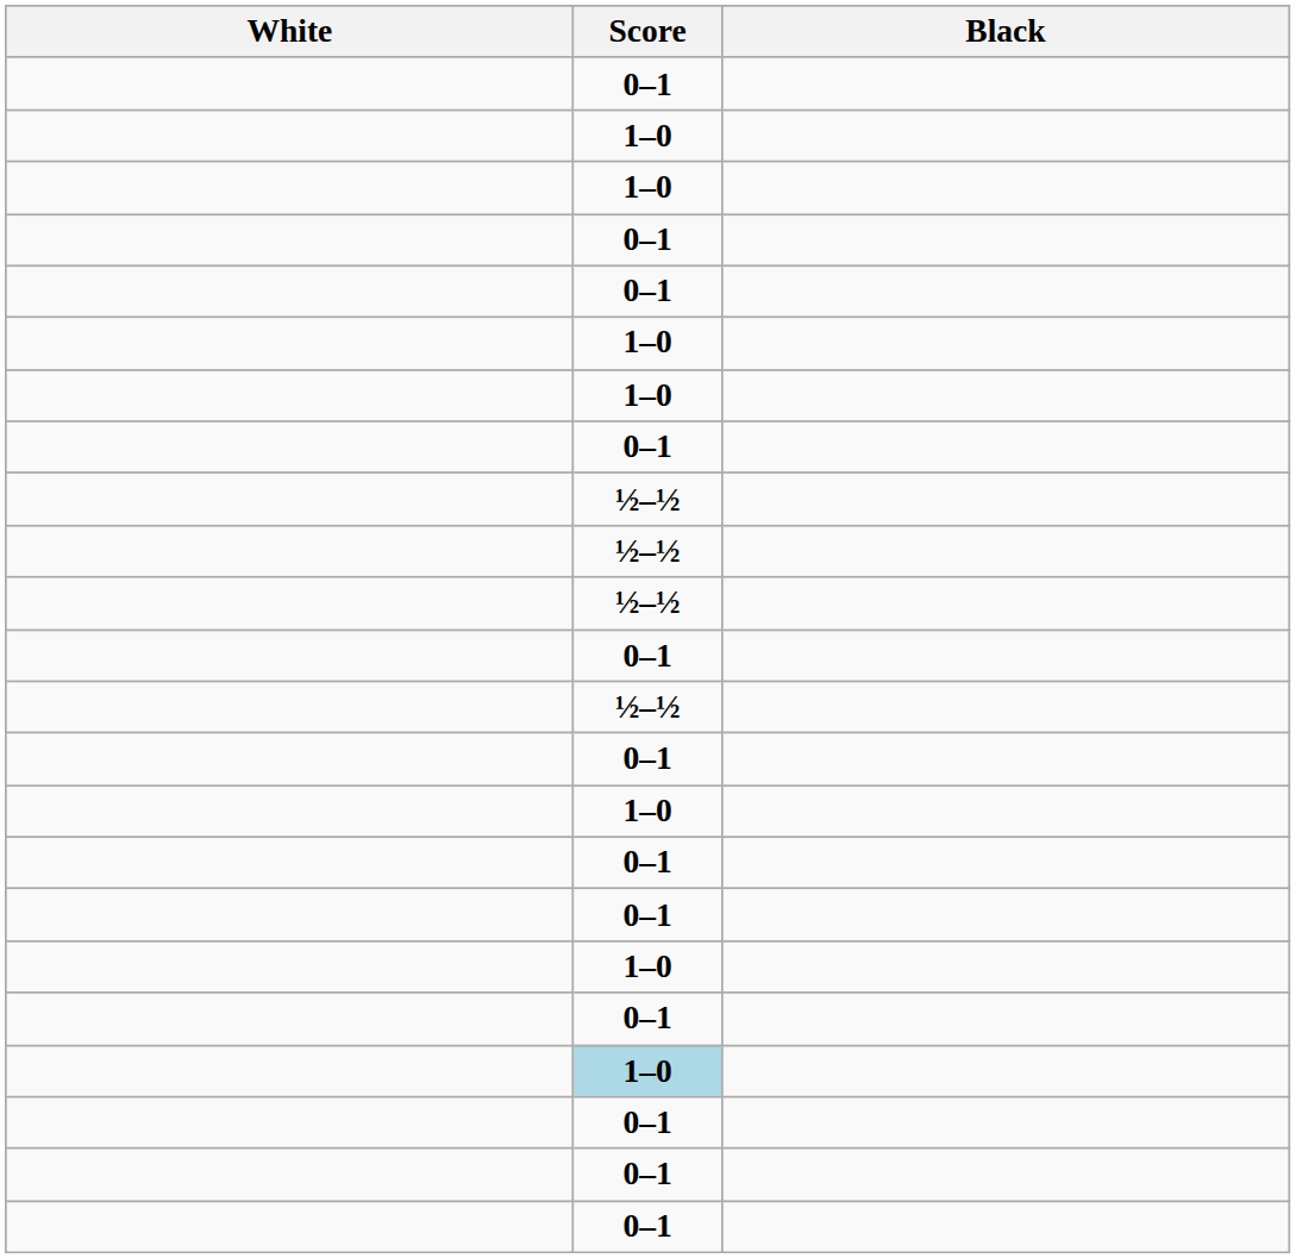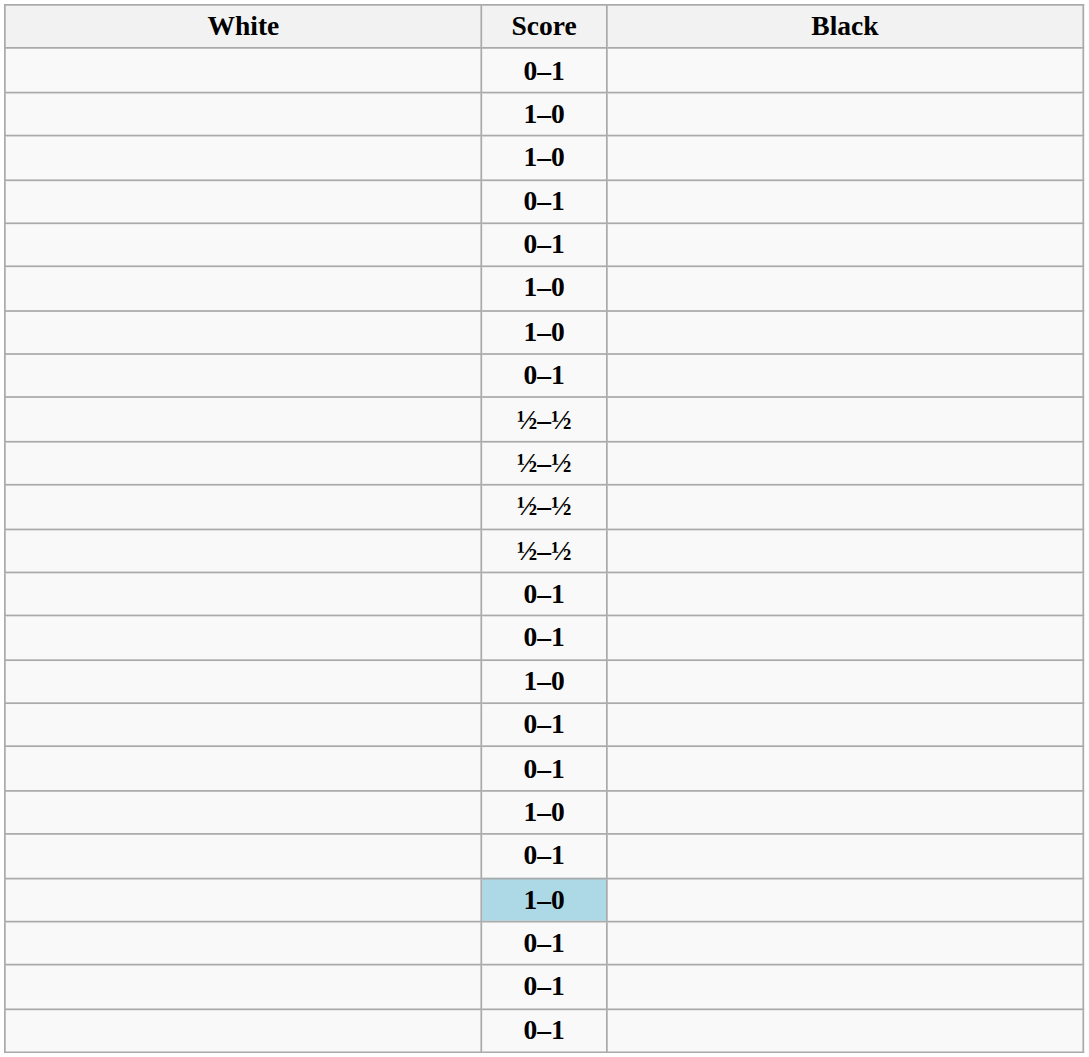 <table class="wikitable" style="text-align: center;">
 <tr>
 <th align="right" width="270">White</th>
 <th width="65">Score</th>
 <th align="left" width="270">Black</th>
 </tr>
 <tr>
 <td align=left></td>
 <td align=center><strong>0–1</strong></td>
 <td align=left><strong></strong></td>
 </tr>
 <tr>
 <td align=left><strong></strong></td>
 <td align=center><strong>1–0</strong></td>
 <td align=left></td>
 </tr>
 <tr>
 <td align=left><strong></strong></td>
 <td align=center><strong>1–0</strong></td>
 <td align=left></td>
 </tr>
 <tr>
 <td align=left><strong></strong></td>
 <td align=center><strong>0–1</strong></td>
 <td align=left></td>
 </tr>
 <tr>
 <td align=left></td>
 <td align=center><strong>0–1</strong></td>
 <td align=left><strong></strong></td>
 </tr>
 <tr>
 <td align=left><strong></strong></td>
 <td align=center><strong>1–0</strong></td>
 <td align=left></td>
 </tr>
 <tr>
 <td align=left><strong></strong></td>
 <td align=center><strong>1–0</strong></td>
 <td align=left></td>
 </tr>
 <tr>
 <td align=left></td>
 <td align=center><strong>0–1</strong></td>
 <td align=left><strong></strong></td>
 </tr>
 <tr>
 <td align=left></td>
 <td align=center><strong>½–½</strong></td>
 <td align=left></td>
 </tr>
 <tr>
 <td align=left></td>
 <td align=center><strong>½–½</strong></td>
 <td align=left></td>
 </tr>
 <tr>
 <td align=left></td>
 <td align=center><strong>½–½</strong></td>
 <td align=left></td>
 </tr>
 <tr>
 <td align=left></td>
-<td align=center><strong>0–1</strong></td>
+<td align=center><strong>½–½</strong></td>
 <td align=left><strong></strong></td>
 </tr>
 <tr>
 <td align=left></td>
-<td align=center><strong>½–½</strong></td>
+<td align=center><strong>0–1</strong></td>
 <td align=left></td>
 </tr>
 <tr>
 <td align=left></td>
 <td align=center><strong>0–1</strong></td>
 <td align=left><strong></strong></td>
 </tr>
 <tr>
 <td align=left><strong></strong></td>
 <td align=center><strong>1–0</strong></td>
 <td align=left></td>
 </tr>
 <tr>
 <td align=left></td>
 <td align=center><strong>0–1</strong></td>
 <td align=left><strong></strong></td>
 </tr>
 <tr>
 <td align=left></td>
 <td align=center><strong>0–1</strong></td>
 <td align=left><strong></strong></td>
 </tr>
 <tr>
 <td align=left><strong></strong></td>
 <td align=center><strong>1–0</strong></td>
 <td align=left></td>
 </tr>
 <tr>
 <td align=left><strong></strong></td>
 <td align=center><strong>0–1</strong></td>
 <td align=left></td>
 </tr>
 <tr>
 <td align=left><strong></strong></td>
 <td align=center style="background: lightblue;"><strong>1–0</strong></td>
 <td align=left></td>
 </tr>
 <tr>
 <td align=left></td>
 <td align=center><strong>0–1</strong></td>
 <td align=left><strong></strong></td>
 </tr>
 <tr>
 <td align=left></td>
 <td align=center><strong>0–1</strong></td>
 <td align=left><strong></strong></td>
 </tr>
 <tr>
 <td align=left></td>
 <td align=center><strong>0–1</strong></td>
 <td align=left><strong></strong></td>
 </tr>
 </table>
